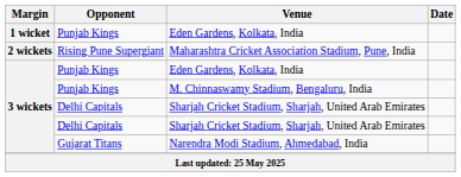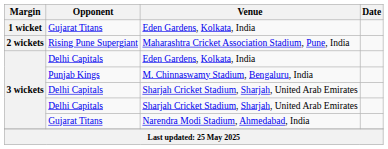 <table class="wikitable sortable" style="text-align:left;font-size:96%;">
 <tr>
 <th>Margin</th>
 <th>Opponent</th>
 <th>Venue</th>
 <th>Date</th>
 </tr>
 <tr>
 <th>1 wicket</th>
-<td><a href='#'>Punjab Kings</a></td>
+<td><a href='#'>Gujarat Titans</a></td>
 <td><a href='#'>Eden Gardens</a>, <a href='#'>Kolkata</a>, India</td>
 <td></td>
 </tr>
 <tr>
 <th>2 wickets</th>
 <td><a href='#'>Rising Pune Supergiant</a></td>
 <td><a href='#'>Maharashtra Cricket Association Stadium</a>, <a href='#'>Pune</a>, India</td>
 <td></td>
 </tr>
 <tr>
 <th rowspan=5>3 wickets</th>
-<td><a href='#'>Punjab Kings</a></td>
+<td><a href='#'>Delhi Capitals</a></td>
 <td><a href='#'>Eden Gardens</a>, <a href='#'>Kolkata</a>, India</td>
 <td></td>
 </tr>
 <tr>
 <td><a href='#'>Punjab Kings</a></td>
 <td><a href='#'>M. Chinnaswamy Stadium</a>, <a href='#'>Bengaluru</a>, India</td>
 <td></td>
 </tr>
 <tr>
 <td><a href='#'>Delhi Capitals</a></td>
 <td><a href='#'>Sharjah Cricket Stadium</a>, <a href='#'>Sharjah</a>, United Arab Emirates</td>
 <td></td>
 </tr>
 <tr>
 <td><a href='#'>Delhi Capitals</a></td>
 <td><a href='#'>Sharjah Cricket Stadium</a>, <a href='#'>Sharjah</a>, United Arab Emirates</td>
 <td></td>
 </tr>
 <tr>
 <td><a href='#'>Gujarat Titans</a></td>
 <td><a href='#'>Narendra Modi Stadium</a>, <a href='#'>Ahmedabad</a>, India</td>
 <td></td>
 </tr>
 <tr>
 </tr>
 <tr class="sortbottom">
 <th colspan="4"><small>Last updated: 25 May 2025</small></th>
 </tr>
 </table>
